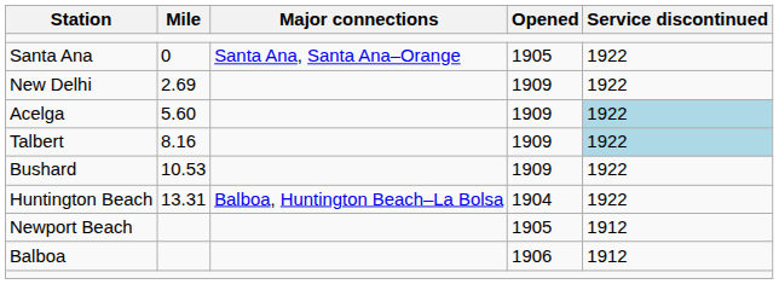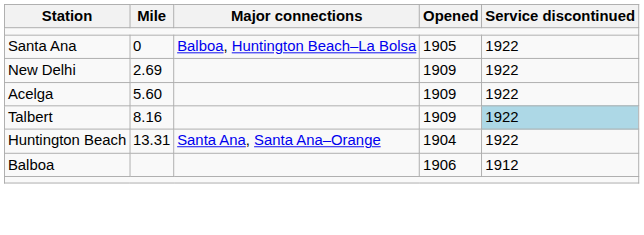 <table class="wikitable">
 <tr>
 <th>Station</th>
 <th>Mile</th>
 <th>Major connections</th>
 <th>Opened</th>
 <th>Service discontinued</th>
 </tr>
 <tr>
 <td colspan = "5"></td>
 </tr>
 <tr>
 <td>Santa Ana</td>
 <td>0</td>
-<td><a href='#'>Santa Ana</a>, <a href='#'>Santa Ana–Orange</a></td>
+<td><a href='#'>Balboa</a>, <a href='#'>Huntington Beach–La Bolsa</a></td>
 <td>1905</td>
 <td>1922</td>
 </tr>
 <tr>
 <td>New Delhi</td>
 <td>2.69</td>
 <td></td>
 <td>1909</td>
 <td>1922</td>
 </tr>
 <tr>
 <td>Acelga</td>
 <td>5.60</td>
 <td></td>
 <td>1909</td>
-<td style="background: lightblue;">1922</td>
+<td>1922</td>
 </tr>
 <tr>
 <td>Talbert</td>
 <td>8.16</td>
 <td></td>
 <td>1909</td>
 <td style="background: lightblue;">1922</td>
 </tr>
 <tr>
-<td>Bushard</td>
-<td>10.53</td>
-<td></td>
-<td>1909</td>
-<td>1922</td>
-</tr>
-<tr>
 <td>Huntington Beach</td>
 <td>13.31</td>
-<td><a href='#'>Balboa</a>, <a href='#'>Huntington Beach–La Bolsa</a></td>
+<td><a href='#'>Santa Ana</a>, <a href='#'>Santa Ana–Orange</a></td>
 <td>1904</td>
 <td>1922</td>
-</tr>
-<tr>
-<td>Newport Beach</td>
-<td></td>
-<td></td>
-<td>1905</td>
-<td>1912</td>
 </tr>
 <tr>
 <td>Balboa</td>
 <td></td>
 <td></td>
 <td>1906</td>
 <td>1912</td>
 </tr>
 <tr>
 <td colspan = "5"></td>
 </tr>
 </table>
